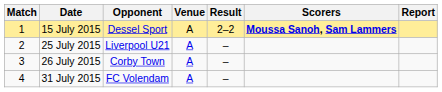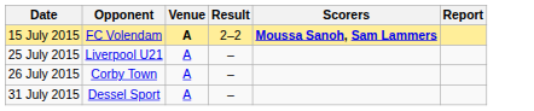 <table class="wikitable" style="font-size:100%; text-align:center">
 <tr>
-<th>Match</th>
 <th>Date</th>
 <th>Opponent</th>
 <th>Venue</th>
 <th>Result</th>
 <th>Scorers</th>
 <th>Report</th>
 </tr>
 <tr style="background:#fe9;">
-<td>1</td>
 <td>15 July 2015</td>
-<td> <a href='#'>Dessel Sport</a></td>
-<td>A</td>
+<td><a href='#'>FC Volendam</a></td>
+<td><strong>A</strong></td>
 <td>2–2</td>
 <td><strong><a href='#'>Moussa Sanoh</a>, <a href='#'>Sam Lammers</a></strong></td>
 <td></td>
 </tr>
 <tr style="background:">
-<td>2</td>
 <td>25 July 2015</td>
 <td> <a href='#'>Liverpool U21</a></td>
 <td><a href='#'>A</a></td>
 <td>–</td>
 <td></td>
 <td></td>
 </tr>
 <tr style="background:">
-<td>3</td>
 <td>26 July 2015</td>
 <td> <a href='#'>Corby Town</a></td>
 <td><a href='#'>A</a></td>
 <td>–</td>
 <td></td>
 <td></td>
 </tr>
 <tr style="background:">
-<td>4</td>
 <td>31 July 2015</td>
-<td><a href='#'>FC Volendam</a></td>
+<td> <a href='#'>Dessel Sport</a></td>
 <td><a href='#'>A</a></td>
 <td>–</td>
 <td></td>
 <td></td>
 </tr>
 </table>
